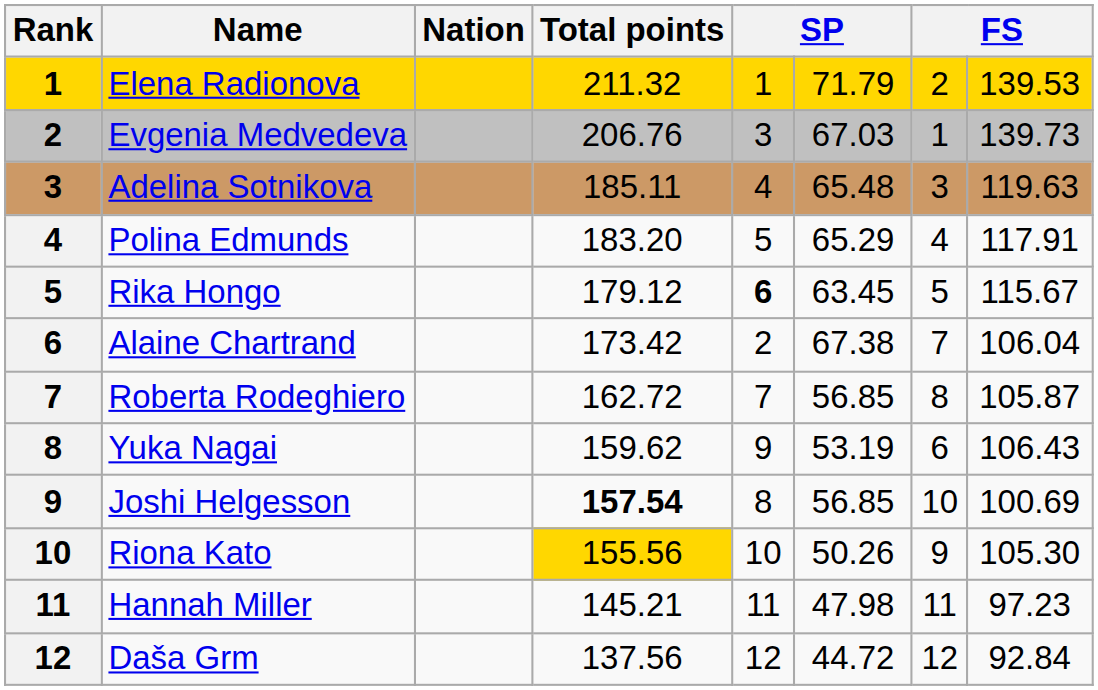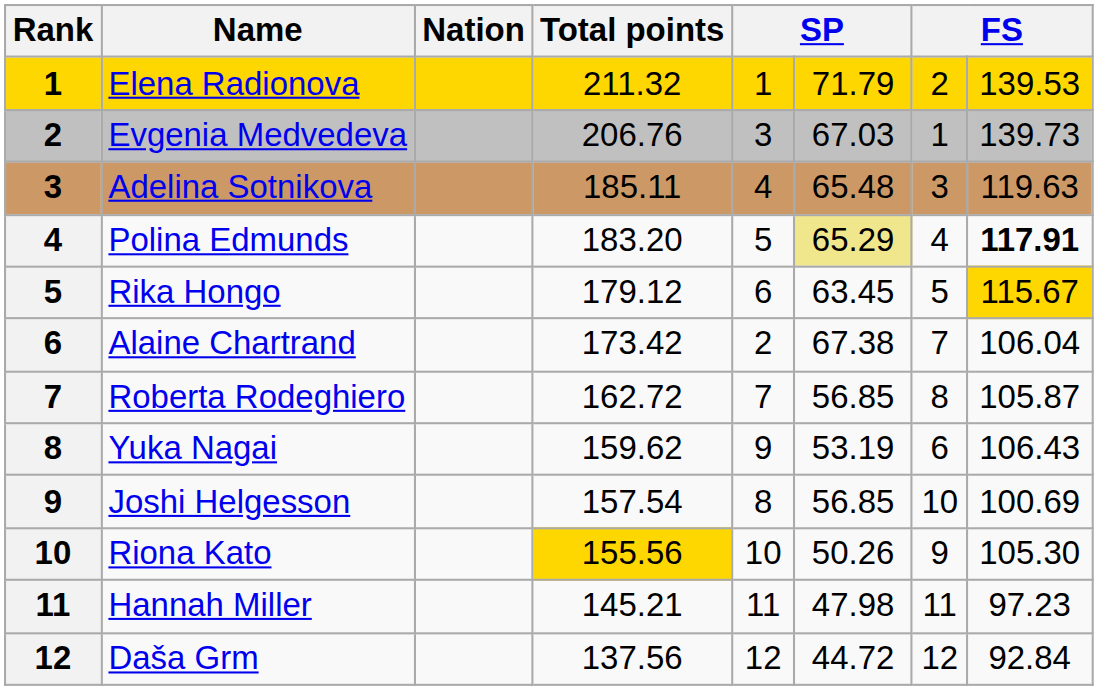 <table class="wikitable sortable">
 <tr>
 <th>Rank</th>
 <th>Name</th>
 <th>Nation</th>
 <th>Total points</th>
 <th colspan="2" width="80px"><a href='#'>SP</a></th>
 <th colspan="2" width="80px"><a href='#'>FS</a></th>
 </tr>
 <tr bgcolor="gold">
 <td align="center"><strong>1</strong></td>
 <td><a href='#'>Elena Radionova</a></td>
 <td></td>
 <td align="center">211.32</td>
 <td align="center">1</td>
 <td align="center">71.79</td>
 <td align="center">2</td>
 <td align="center">139.53</td>
 </tr>
 <tr bgcolor="silver">
 <td align="center"><strong>2</strong></td>
 <td><a href='#'>Evgenia Medvedeva</a></td>
 <td></td>
 <td align="center">206.76</td>
 <td align="center">3</td>
 <td align="center">67.03</td>
 <td align="center">1</td>
 <td align="center">139.73</td>
 </tr>
 <tr bgcolor="cc9966">
 <td align="center"><strong>3</strong></td>
 <td><a href='#'>Adelina Sotnikova</a></td>
 <td></td>
 <td align="center">185.11</td>
 <td align="center">4</td>
 <td align="center">65.48</td>
 <td align="center">3</td>
 <td align="center">119.63</td>
 </tr>
 <tr>
 <th>4</th>
 <td><a href='#'>Polina Edmunds</a></td>
 <td></td>
 <td align="center">183.20</td>
 <td align="center">5</td>
-<td align="center">65.29</td>
+<td align="center" style="background: khaki;">65.29</td>
 <td align="center">4</td>
-<td align="center">117.91</td>
+<td align="center"><strong>117.91</strong></td>
 </tr>
 <tr>
 <th>5</th>
 <td><a href='#'>Rika Hongo</a></td>
 <td></td>
 <td align="center">179.12</td>
-<td align="center"><strong>6</strong></td>
+<td align="center">6</td>
 <td align="center">63.45</td>
 <td align="center">5</td>
-<td align="center">115.67</td>
+<td align="center" style="background: gold;">115.67</td>
 </tr>
 <tr>
 <th>6</th>
 <td><a href='#'>Alaine Chartrand</a></td>
 <td></td>
 <td align="center">173.42</td>
 <td align="center">2</td>
 <td align="center">67.38</td>
 <td align="center">7</td>
 <td align="center">106.04</td>
 </tr>
 <tr>
 <th>7</th>
 <td><a href='#'>Roberta Rodeghiero</a></td>
 <td></td>
 <td align="center">162.72</td>
 <td align="center">7</td>
 <td align="center">56.85</td>
 <td align="center">8</td>
 <td align="center">105.87</td>
 </tr>
 <tr>
 <th>8</th>
 <td><a href='#'>Yuka Nagai</a></td>
 <td></td>
 <td align="center">159.62</td>
 <td align="center">9</td>
 <td align="center">53.19</td>
 <td align="center">6</td>
 <td align="center">106.43</td>
 </tr>
 <tr>
 <th>9</th>
 <td><a href='#'>Joshi Helgesson</a></td>
 <td></td>
-<td align="center"><strong>157.54</strong></td>
+<td align="center">157.54</td>
 <td align="center">8</td>
 <td align="center">56.85</td>
 <td align="center">10</td>
 <td align="center">100.69</td>
 </tr>
 <tr>
 <th>10</th>
 <td><a href='#'>Riona Kato</a></td>
 <td></td>
 <td align="center" style="background: gold;">155.56</td>
 <td align="center">10</td>
 <td align="center">50.26</td>
 <td align="center">9</td>
 <td align="center">105.30</td>
 </tr>
 <tr>
 <th>11</th>
 <td><a href='#'>Hannah Miller</a></td>
 <td></td>
 <td align="center">145.21</td>
 <td align="center">11</td>
 <td align="center">47.98</td>
 <td align="center">11</td>
 <td align="center">97.23</td>
 </tr>
 <tr>
 <th>12</th>
 <td><a href='#'>Daša Grm</a></td>
 <td></td>
 <td align="center">137.56</td>
 <td align="center">12</td>
 <td align="center">44.72</td>
 <td align="center">12</td>
 <td align="center">92.84</td>
 </tr>
 </table>
